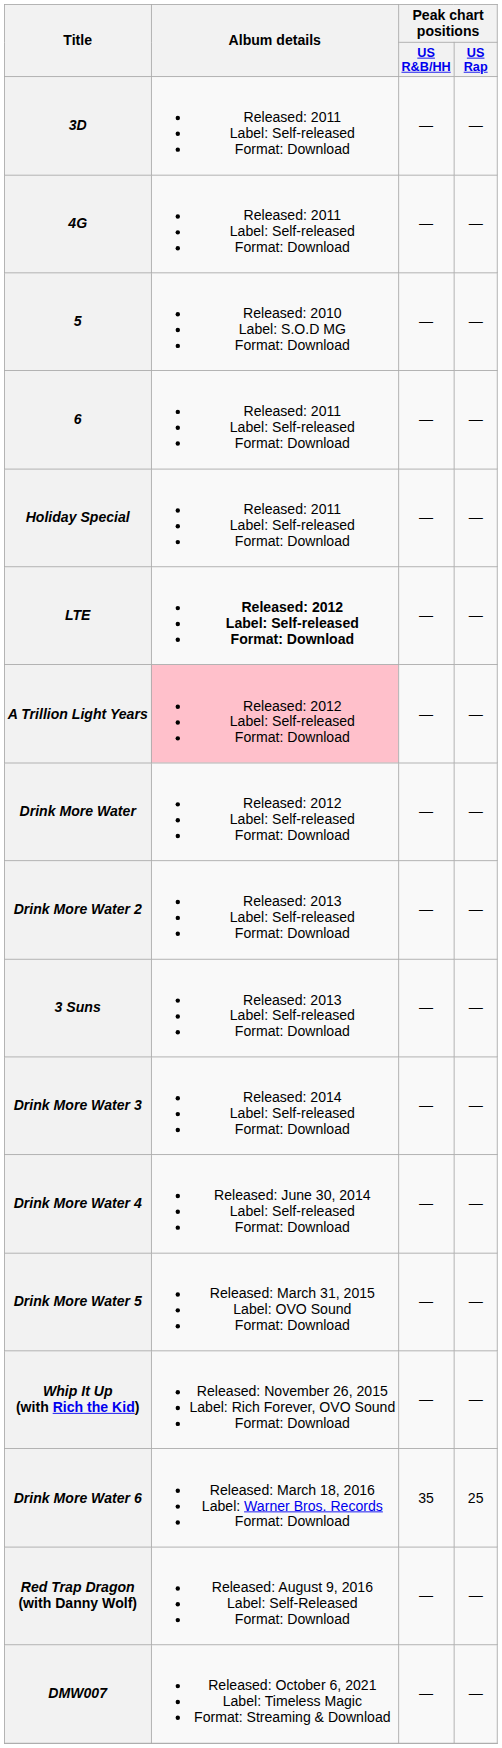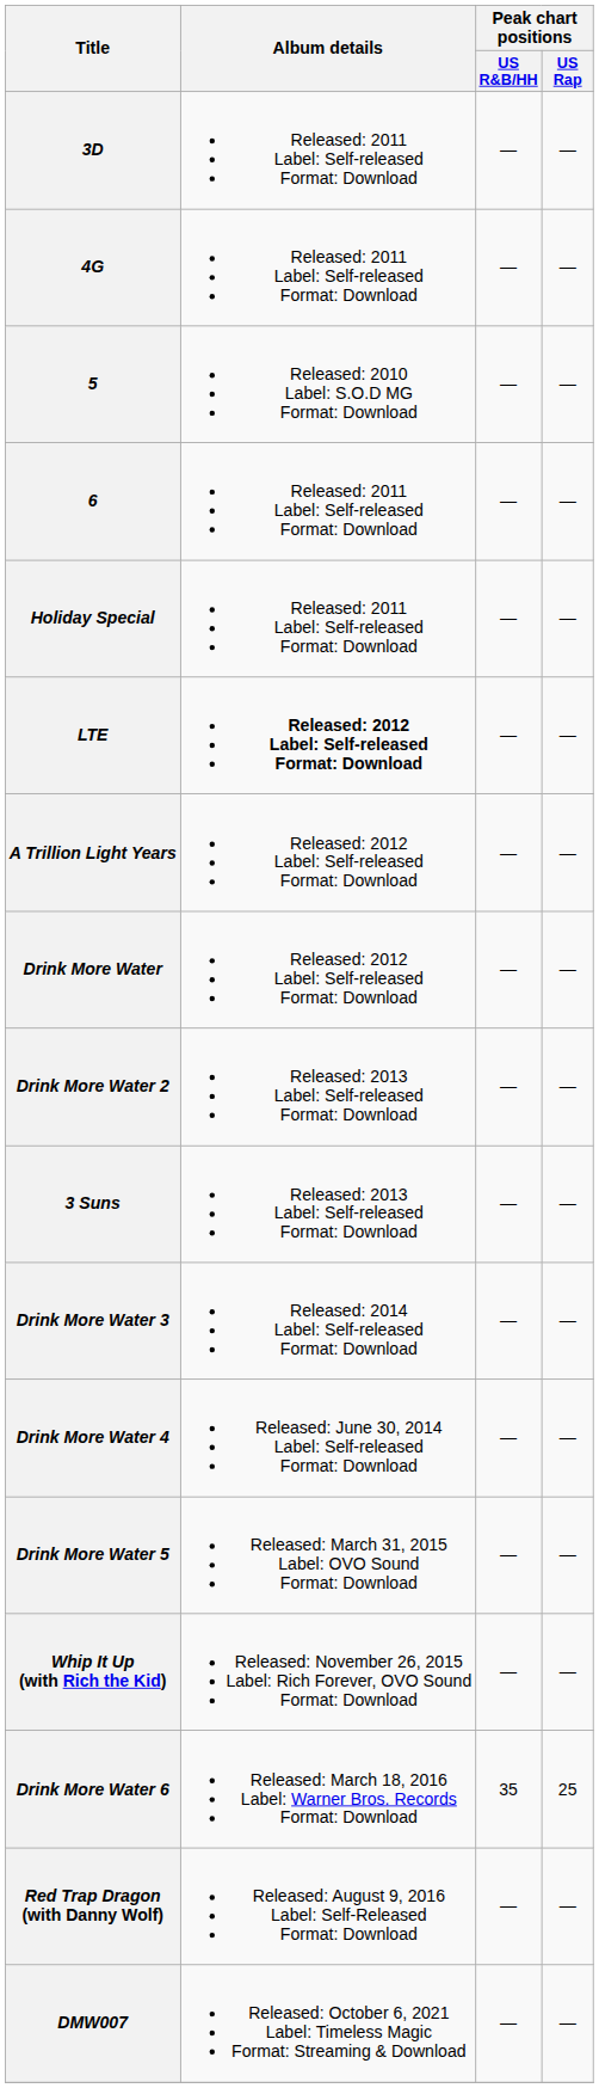 <table class="wikitable plainrowheaders" style="text-align:center;">
 <tr>
 <th rowspan="2">Title</th>
 <th rowspan="2">Album details</th>
 <th colspan="2">Peak chart positions</th>
 </tr>
 <tr>
 <th scope="col" style="width:3em;font-size:90%;"><a href='#'>US<br>R&B/HH</a><br></th>
 <th scope="col" style="width:3em;font-size:90%;"><a href='#'>US<br>Rap</a><br></th>
 </tr>
 <tr>
 <th scope="row"><em>3D</em></th>
 <td><br><ul><li>Released: 2011</li><li>Label: Self-released</li><li>Format: Download</li></ul></td>
 <td>—</td>
 <td>—</td>
 </tr>
 <tr>
 <th scope="row"><em>4G</em></th>
 <td><br><ul><li>Released: 2011</li><li>Label: Self-released</li><li>Format: Download</li></ul></td>
 <td>—</td>
 <td>—</td>
 </tr>
 <tr>
 <th scope="row"><em>5</em></th>
 <td><br><ul><li>Released: 2010</li><li>Label: S.O.D MG</li><li>Format: Download</li></ul></td>
 <td>—</td>
 <td>—</td>
 </tr>
 <tr>
 <th scope="row"><em>6</em></th>
 <td><br><ul><li>Released: 2011</li><li>Label: Self-released</li><li>Format: Download</li></ul></td>
 <td>—</td>
 <td>—</td>
 </tr>
 <tr>
 <th scope="row"><em>Holiday Special</em></th>
 <td><br><ul><li>Released: 2011</li><li>Label: Self-released</li><li>Format: Download</li></ul></td>
 <td>—</td>
 <td>—</td>
 </tr>
 <tr>
 <th scope="row"><em>LTE</em></th>
 <td><strong><br><ul><li>Released: 2012</li><li>Label: Self-released</li><li>Format: Download</li></ul></strong></td>
 <td>—</td>
 <td>—</td>
 </tr>
 <tr>
 <th scope="row"><em>A Trillion Light Years</em></th>
-<td style="background: pink;"><br><ul><li>Released: 2012</li><li>Label: Self-released</li><li>Format: Download</li></ul></td>
+<td><br><ul><li>Released: 2012</li><li>Label: Self-released</li><li>Format: Download</li></ul></td>
 <td>—</td>
 <td>—</td>
 </tr>
 <tr>
 <th scope="row"><em>Drink More Water</em></th>
 <td><br><ul><li>Released: 2012</li><li>Label: Self-released</li><li>Format: Download</li></ul></td>
 <td>—</td>
 <td>—</td>
 </tr>
 <tr>
 <th scope="row"><em>Drink More Water 2</em></th>
 <td><br><ul><li>Released: 2013</li><li>Label: Self-released</li><li>Format: Download</li></ul></td>
 <td>—</td>
 <td>—</td>
 </tr>
 <tr>
 <th scope="row"><em>3 Suns</em></th>
 <td><br><ul><li>Released: 2013</li><li>Label: Self-released</li><li>Format: Download</li></ul></td>
 <td>—</td>
 <td>—</td>
 </tr>
 <tr>
 <th scope="row"><em>Drink More Water 3</em></th>
 <td><br><ul><li>Released: 2014</li><li>Label: Self-released</li><li>Format: Download</li></ul></td>
 <td>—</td>
 <td>—</td>
 </tr>
 <tr>
 <th scope="row"><em>Drink More Water 4</em></th>
 <td><br><ul><li>Released: June 30, 2014</li><li>Label: Self-released</li><li>Format: Download</li></ul></td>
 <td>—</td>
 <td>—</td>
 </tr>
 <tr>
 <th scope="row"><em>Drink More Water 5</em></th>
 <td><br><ul><li>Released: March 31, 2015</li><li>Label: OVO Sound</li><li>Format: Download</li></ul></td>
 <td>—</td>
 <td>—</td>
 </tr>
 <tr>
 <th scope="row"><em>Whip It Up</em><br>(with <a href='#'>Rich the Kid</a>)<span></span></th>
 <td><br><ul><li>Released: November 26, 2015</li><li>Label: Rich Forever, OVO Sound</li><li>Format: Download</li></ul></td>
 <td>—</td>
 <td>—</td>
 </tr>
 <tr>
 <th scope="row"><em>Drink More Water 6</em></th>
 <td><br><ul><li>Released: March 18, 2016</li><li>Label: <a href='#'>Warner Bros. Records</a></li><li>Format: Download</li></ul></td>
 <td>35</td>
 <td>25</td>
 </tr>
 <tr>
 <th scope="row"><em>Red Trap Dragon</em><br><span>(with Danny Wolf)</span></th>
 <td><br><ul><li>Released: August 9, 2016</li><li>Label: Self-Released</li><li>Format: Download</li></ul></td>
 <td>—</td>
 <td>—</td>
 </tr>
 <tr>
 <th scope="row"><em>DMW007</em></th>
 <td><br><ul><li>Released: October 6, 2021</li><li>Label: Timeless Magic</li><li>Format: Streaming & Download</li></ul></td>
 <td>—</td>
 <td>—</td>
 </tr>
 <tr>
 </tr>
 </table>
